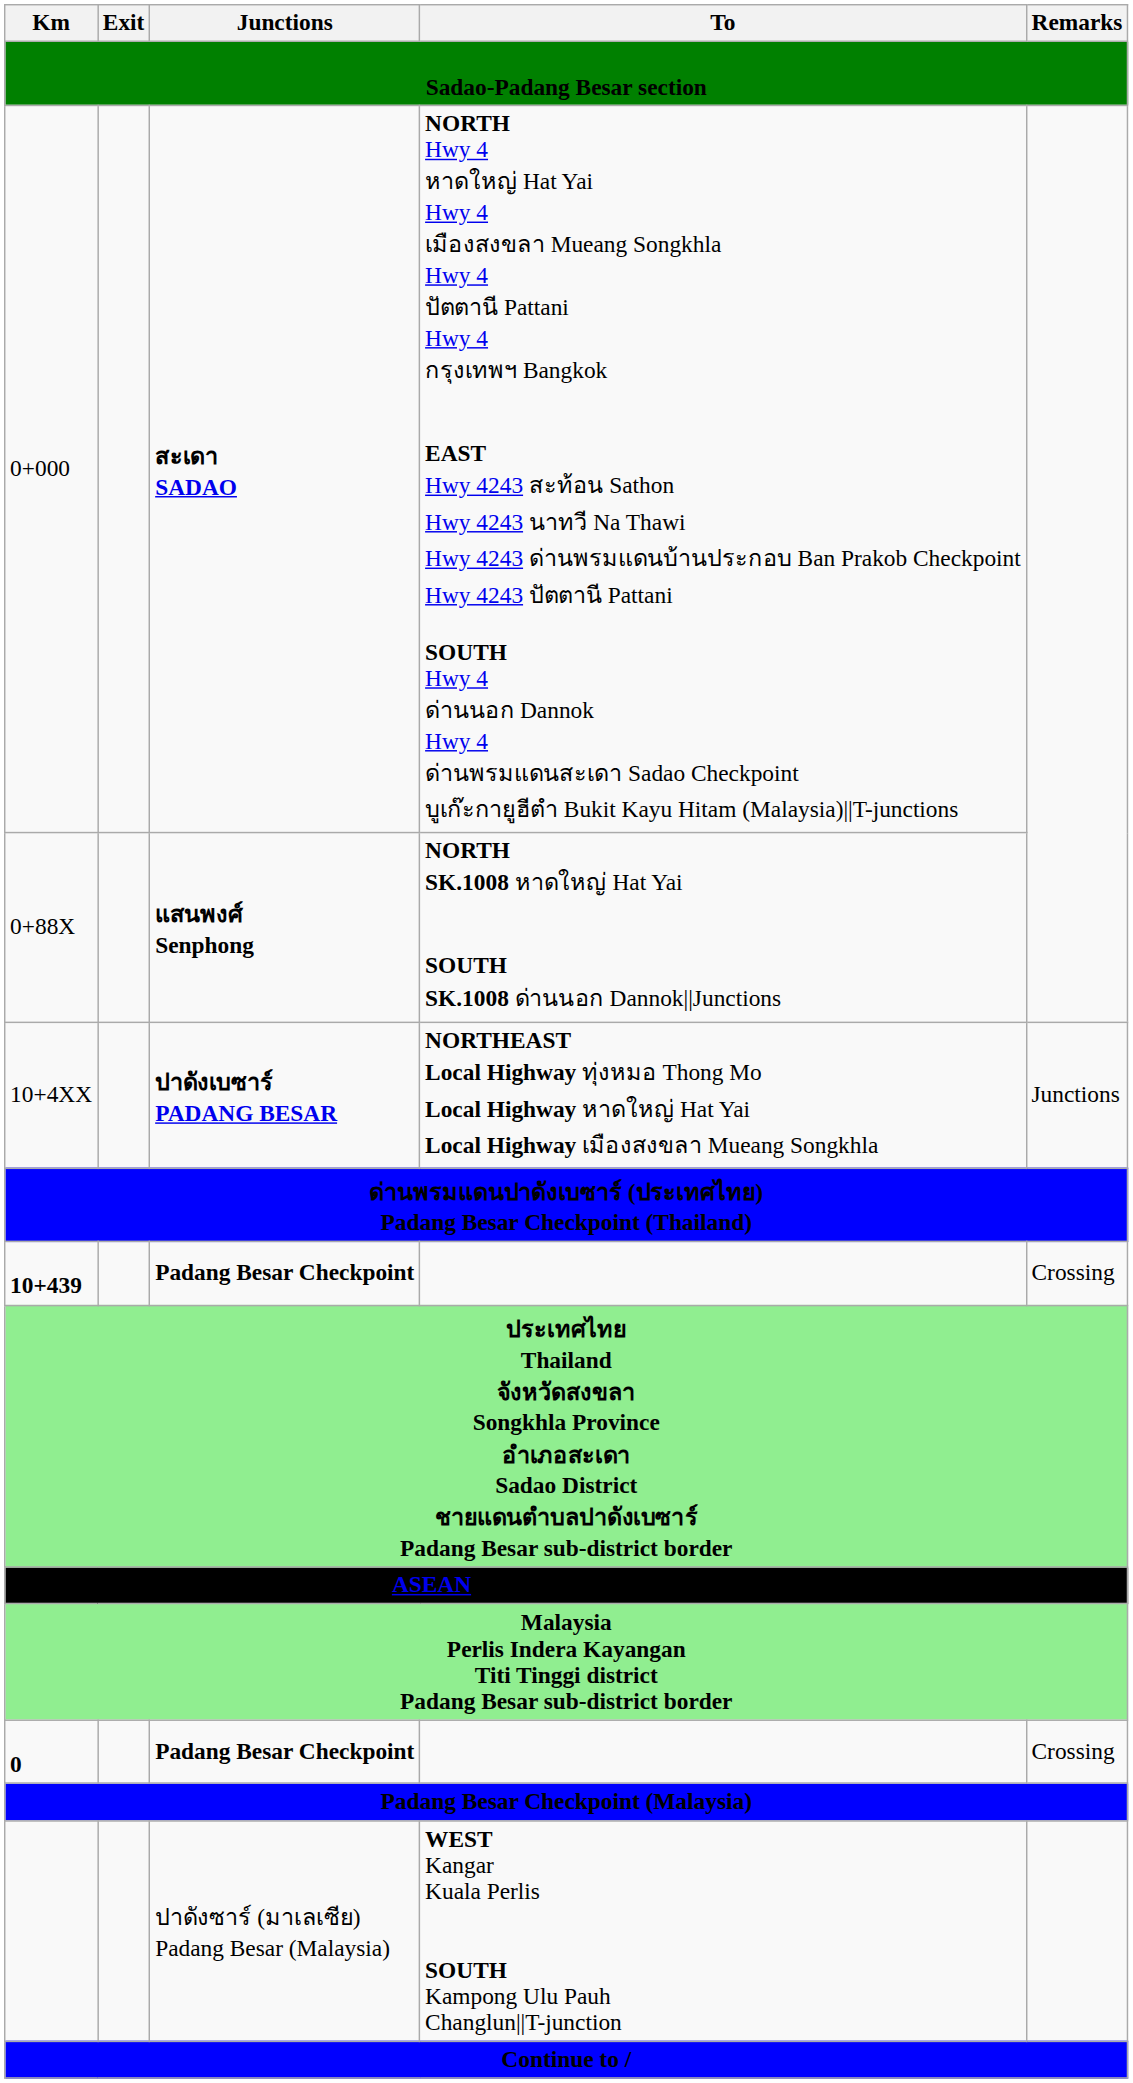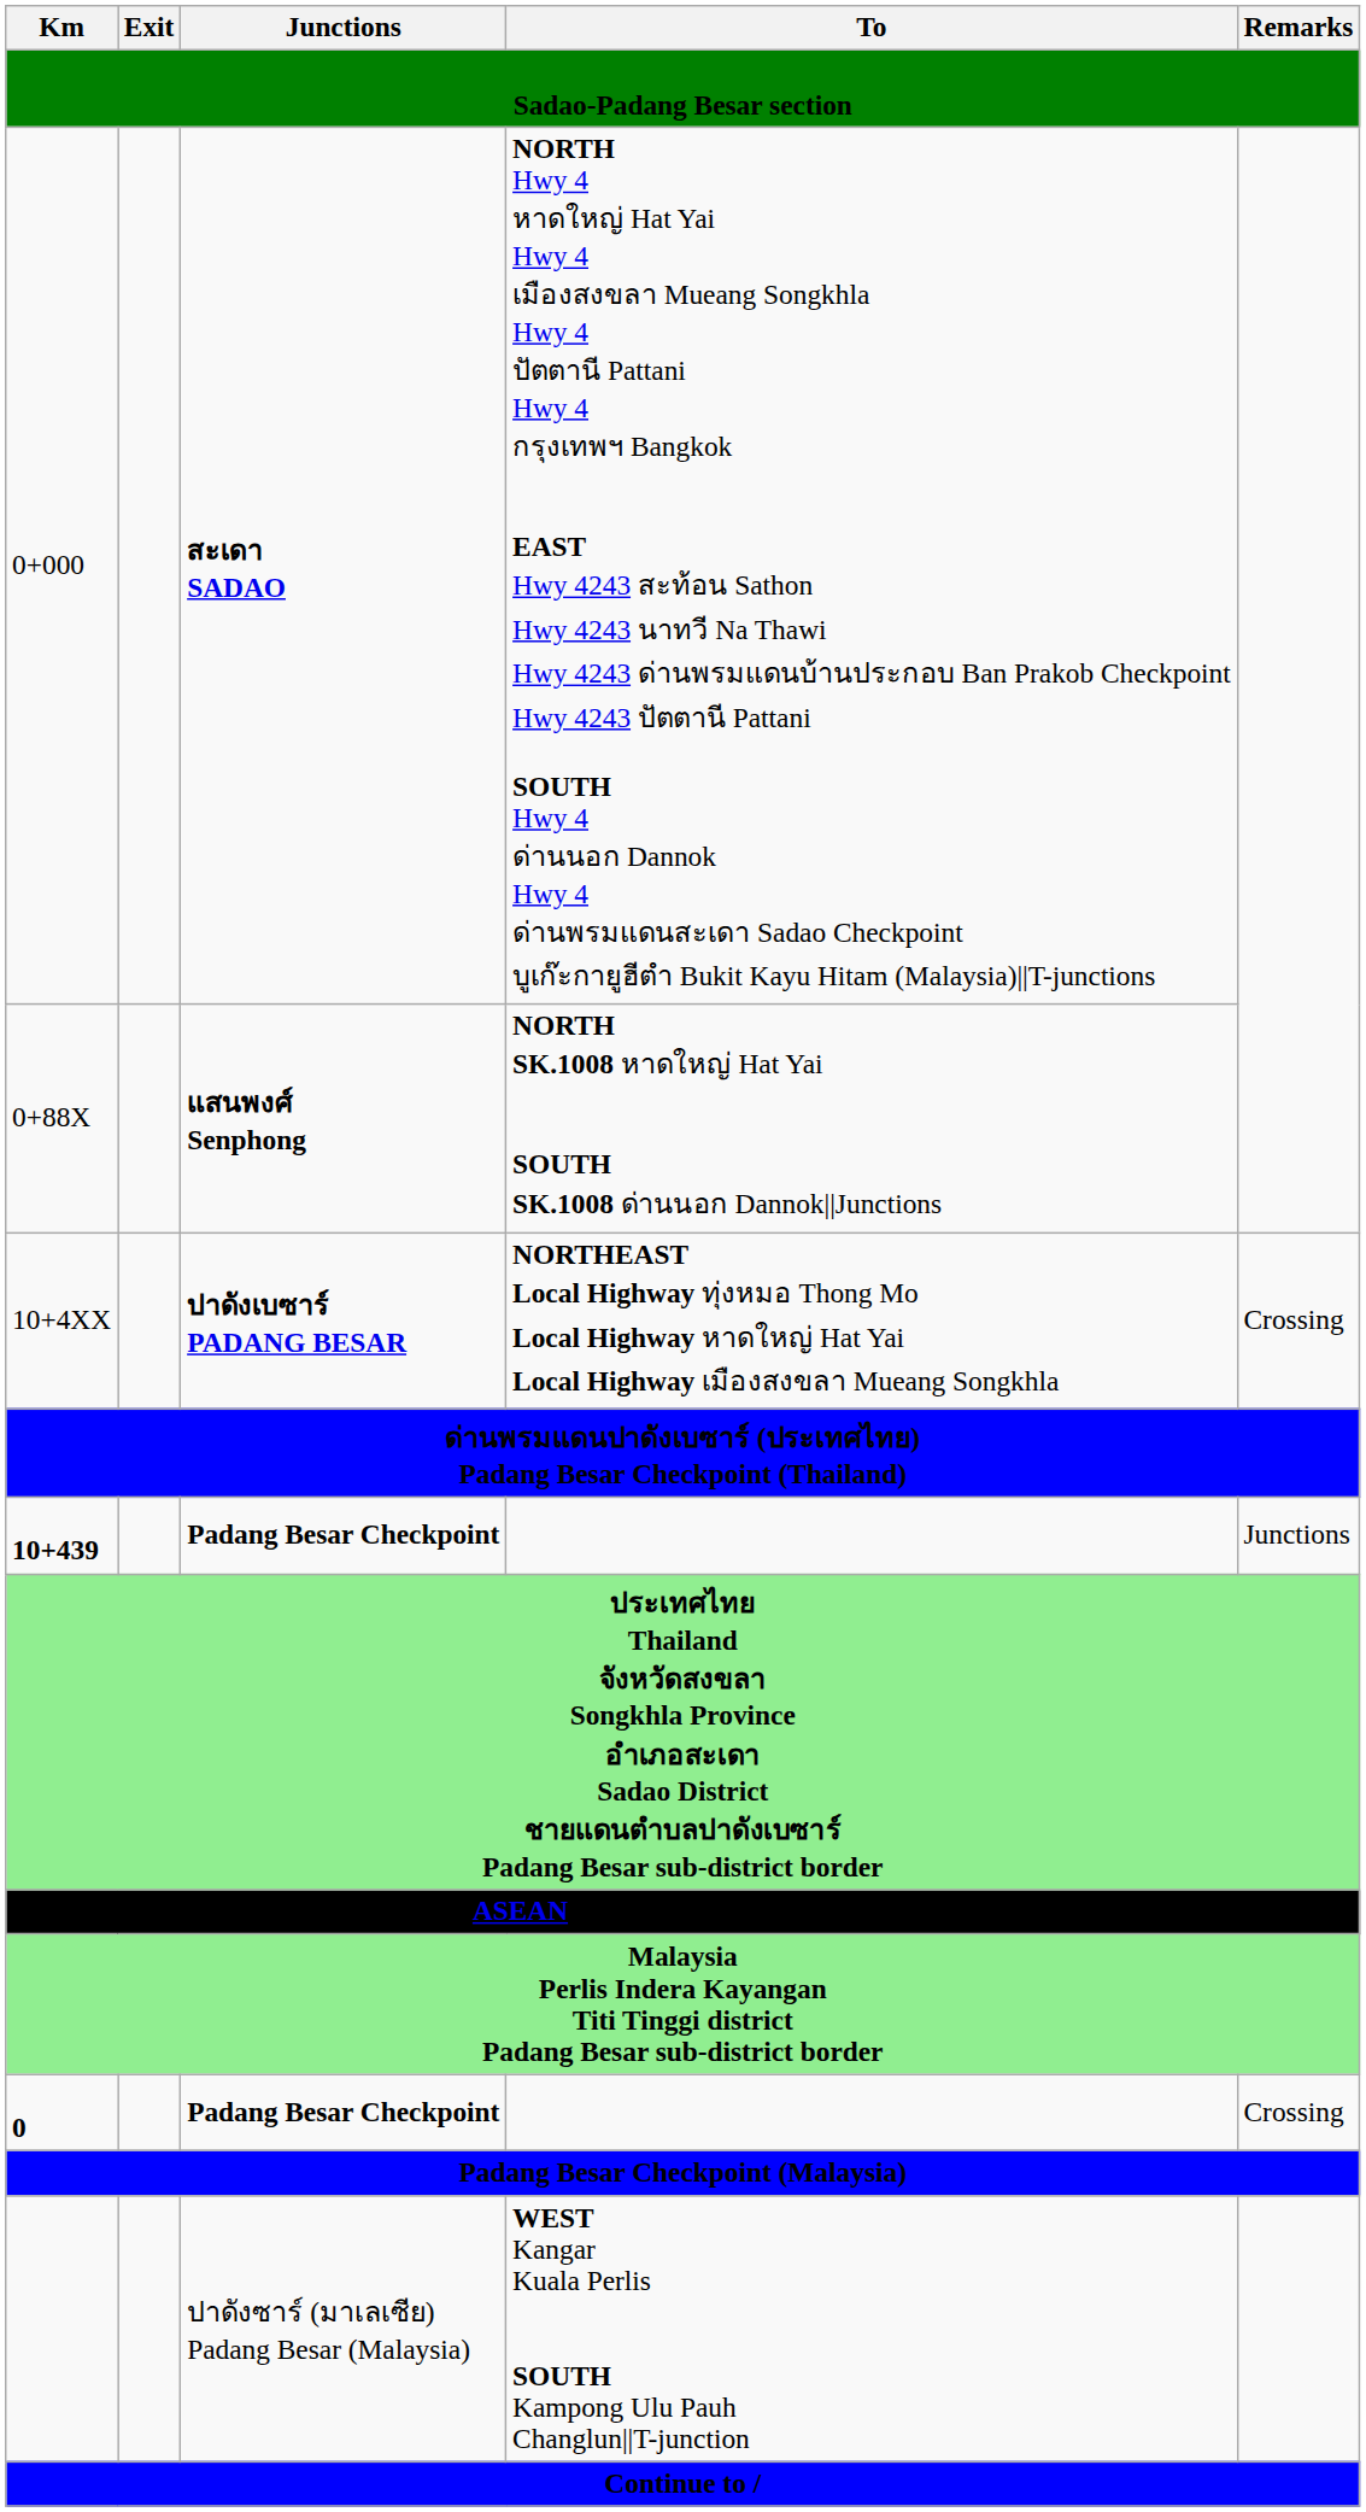 <table class="wikitable">
 <tr>
 <th>Km</th>
 <th>Exit</th>
 <th>Junctions</th>
 <th>To</th>
 <th>Remarks</th>
 </tr>
 <tr>
 <td colspan="6" style="width:600px; text-align:center; background:green;"><strong><br><span>Sadao-Padang Besar section</span></strong></td>
 </tr>
 <tr>
 <td>0+000</td>
 <td></td>
 <td><strong>สะเดา</strong><br><strong><a href='#'>SADAO</a></strong></td>
 <td><strong>NORTH</strong><br> <a href='#'>Hwy 4</a><br> หาดใหญ่ Hat Yai<br> <a href='#'>Hwy 4</a><br> เมืองสงขลา Mueang Songkhla<br> <a href='#'>Hwy 4</a><br> ปัตตานี Pattani<br> <a href='#'>Hwy 4</a><br> กรุงเทพฯ Bangkok<br><br><br> <strong>EAST</strong><br> <a href='#'>Hwy 4243</a> สะท้อน Sathon<br> <a href='#'>Hwy 4243</a> นาทวี Na Thawi<br> <a href='#'>Hwy 4243</a> ด่านพรมแดนบ้านประกอบ Ban Prakob Checkpoint<br> <a href='#'>Hwy 4243</a> ปัตตานี Pattani <br><br> <strong>SOUTH</strong><br> <a href='#'>Hwy 4</a><br> ด่านนอก Dannok<br> <a href='#'>Hwy 4</a><br> ด่านพรมแดนสะเดา Sadao Checkpoint<br> บูเก๊ะกายูฮีตำ Bukit Kayu Hitam (Malaysia)||T-junctions</td>
 </tr>
 <tr>
 <td>0+88X</td>
 <td></td>
 <td><strong>แสนพงศ์<br>Senphong</strong></td>
 <td><strong>NORTH</strong><br><strong>SK.1008</strong> หาดใหญ่ Hat Yai<br><br><br> <strong>SOUTH</strong><br><strong>SK.1008</strong> ด่านนอก Dannok||Junctions</td>
 </tr>
 <tr>
 <td>10+4XX</td>
 <td></td>
 <td><strong>ปาดังเบซาร์</strong><br><strong><a href='#'>PADANG BESAR</a></strong></td>
 <td><strong>NORTHEAST</strong><br><strong>Local Highway</strong> ทุ่งหมอ Thong Mo<br><strong>Local Highway</strong> หาดใหญ่ Hat Yai<br><strong>Local Highway</strong> เมืองสงขลา Mueang Songkhla</td>
-<td>Junctions</td>
+<td>Crossing</td>
 </tr>
 <tr>
 <td colspan="6" style="width:600px; text-align:center; background:blue;"><strong><span>ด่านพรมแดนปาดังเบซาร์ (ประเทศไทย)<br>Padang Besar Checkpoint (Thailand)</span></strong></td>
 </tr>
 <tr>
 <td><br><strong>10+439</strong></td>
 <td></td>
 <td><strong>Padang Besar Checkpoint</strong></td>
 <td></td>
-<td>Crossing</td>
+<td>Junctions</td>
 </tr>
 <tr>
 <td colspan="6" style="width:600px; text-align:center; background:lightgreen;"><strong><span>ประเทศไทย<br>Thailand<br>จังหวัดสงขลา<br>Songkhla Province<br>อำเภอสะเดา<br>Sadao District<br>ชายแดนตำบลปาดังเบซาร์<br>Padang Besar sub-district border</span></strong></td>
 </tr>
 <tr>
 <td colspan="6" style="width:600px; text-align:center; background:black;"><strong><span><a href='#'>ASEAN</a> Thailand-Malaysia border</span></strong></td>
 </tr>
 <tr>
 <td colspan="6" style="width:600px; text-align:center; background:lightgreen;"><strong><span>Malaysia<br>Perlis Indera Kayangan<br>Titi Tinggi district<br>Padang Besar sub-district border</span></strong></td>
 </tr>
 <tr>
 <td><br><strong>0</strong></td>
 <td></td>
 <td><strong>Padang Besar Checkpoint</strong></td>
 <td></td>
 <td>Crossing</td>
 </tr>
 <tr>
 <td colspan="6" style="width:600px; text-align:center; background:blue;"><strong><span>Padang Besar Checkpoint (Malaysia)</span></strong></td>
 </tr>
 <tr>
 <td></td>
 <td></td>
 <td>ปาดังซาร์ (มาเลเซีย)<br>Padang Besar (Malaysia)</td>
 <td><strong>WEST</strong><br> Kangar<br> Kuala Perlis<br><br><br> <strong>SOUTH</strong><br> Kampong Ulu Pauh<br> Changlun||T-junction</td>
 </tr>
 <tr>
 <td colspan="6" style="width:600px; text-align:center; background:blue;"><strong><span>Continue to /</span></strong></td>
 </tr>
 </table>
